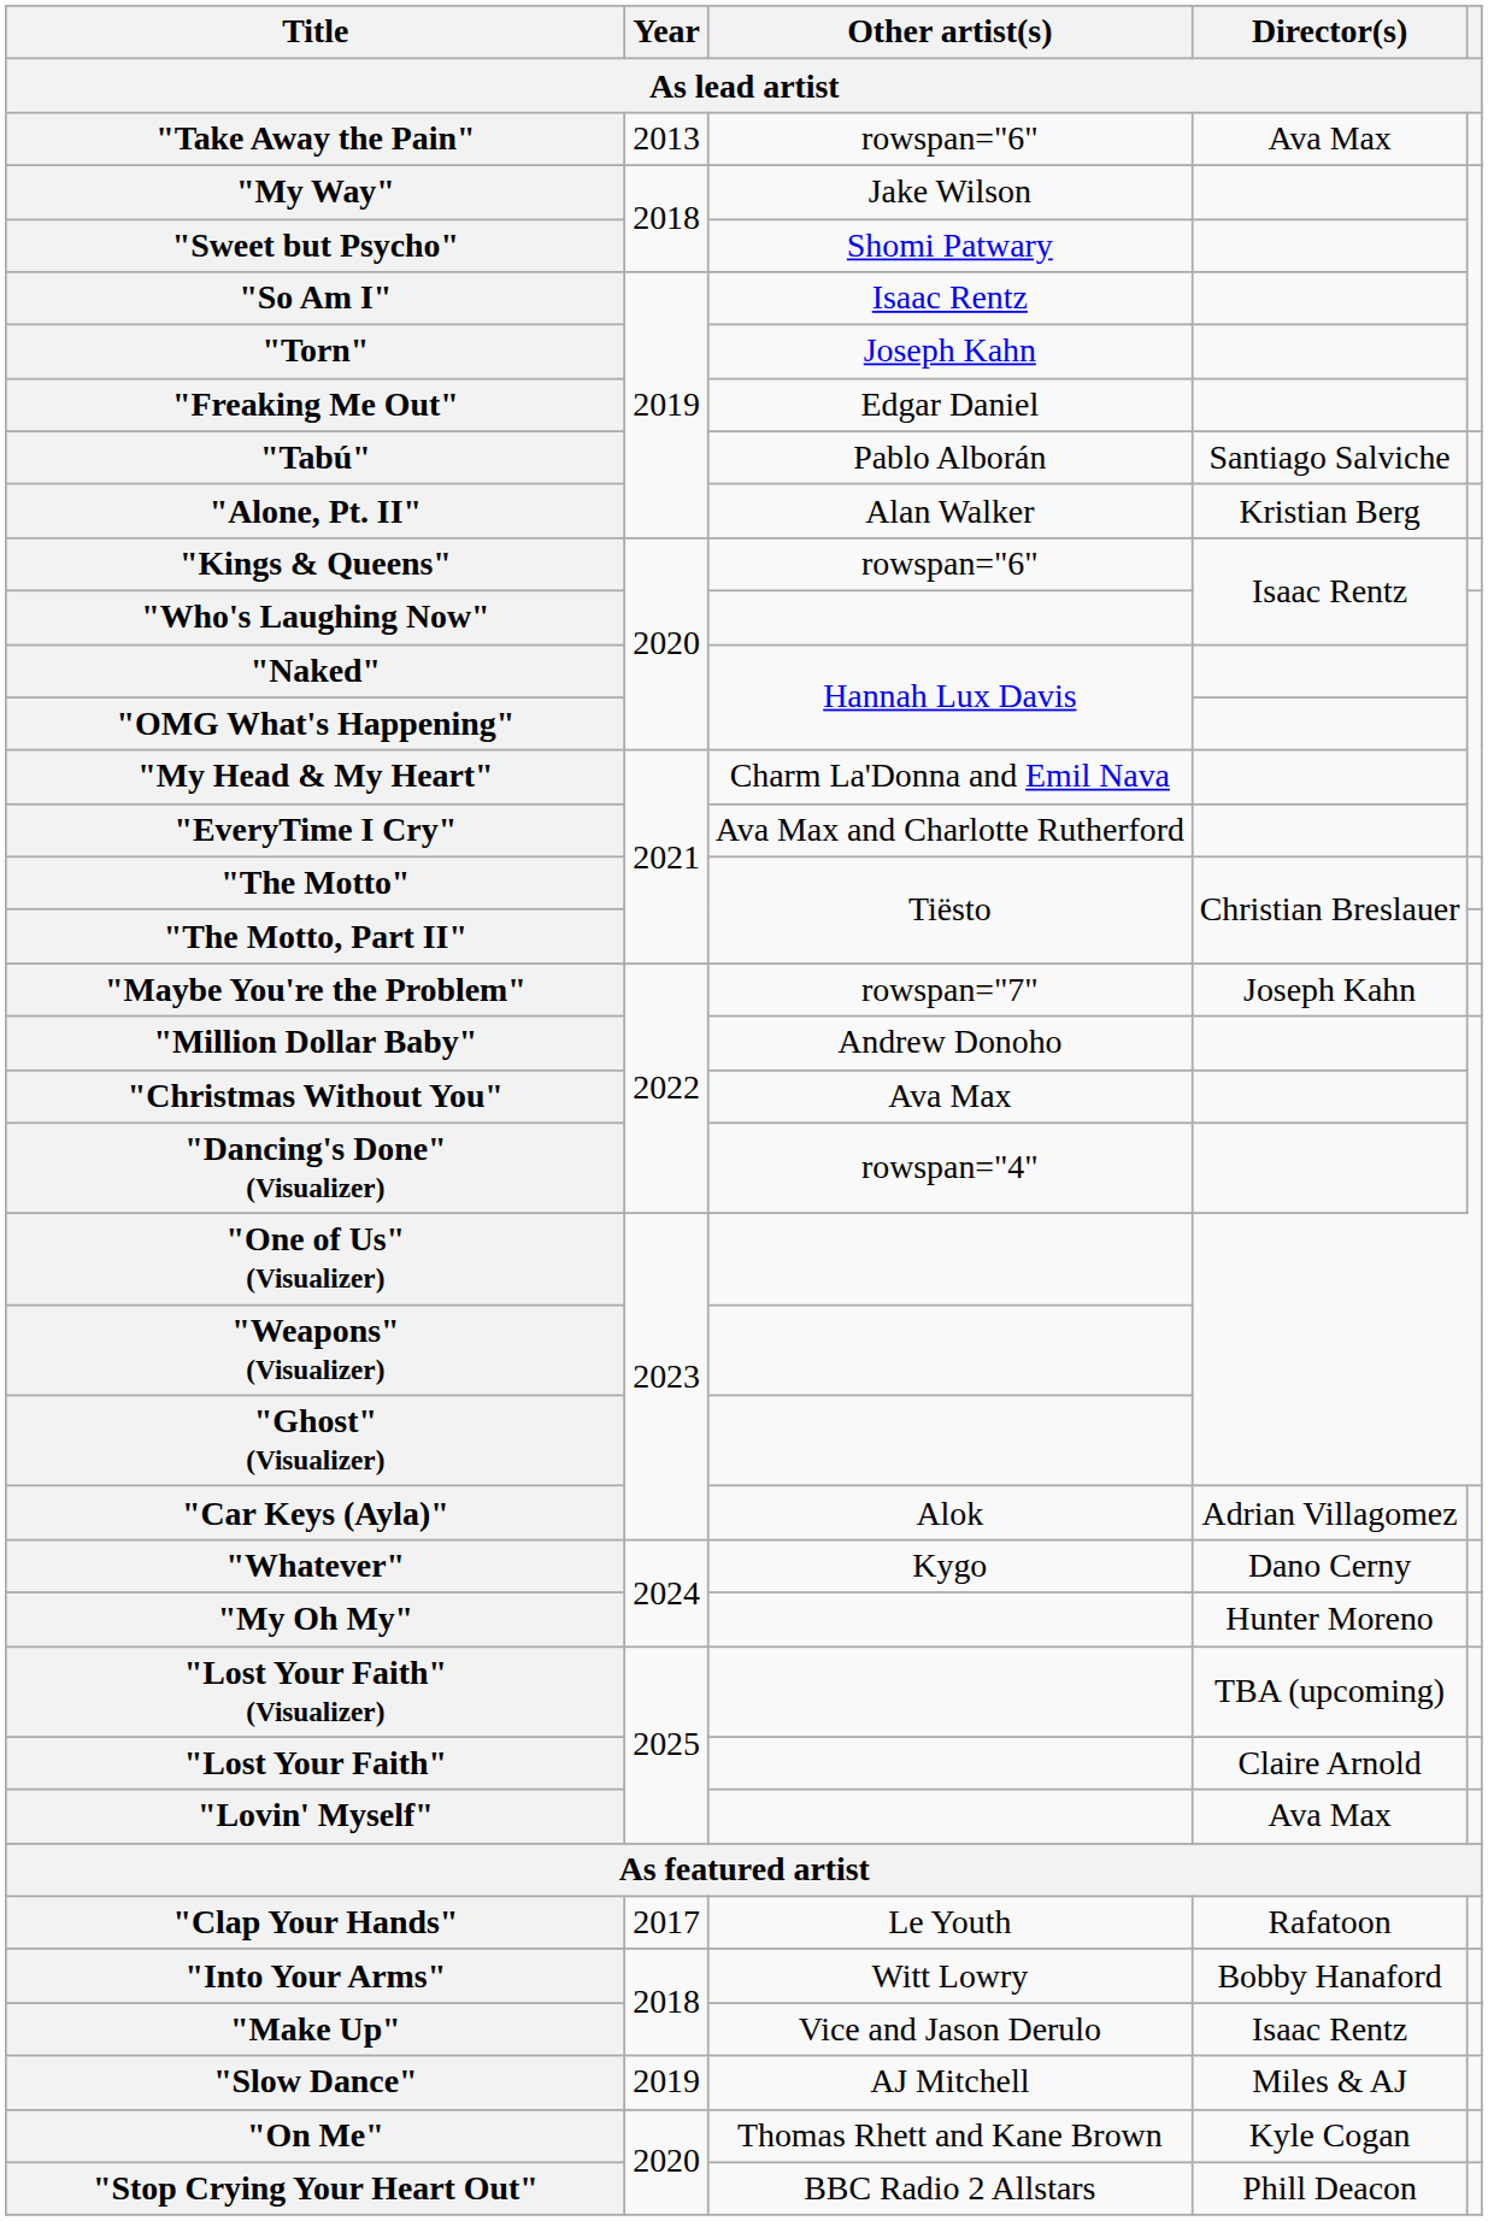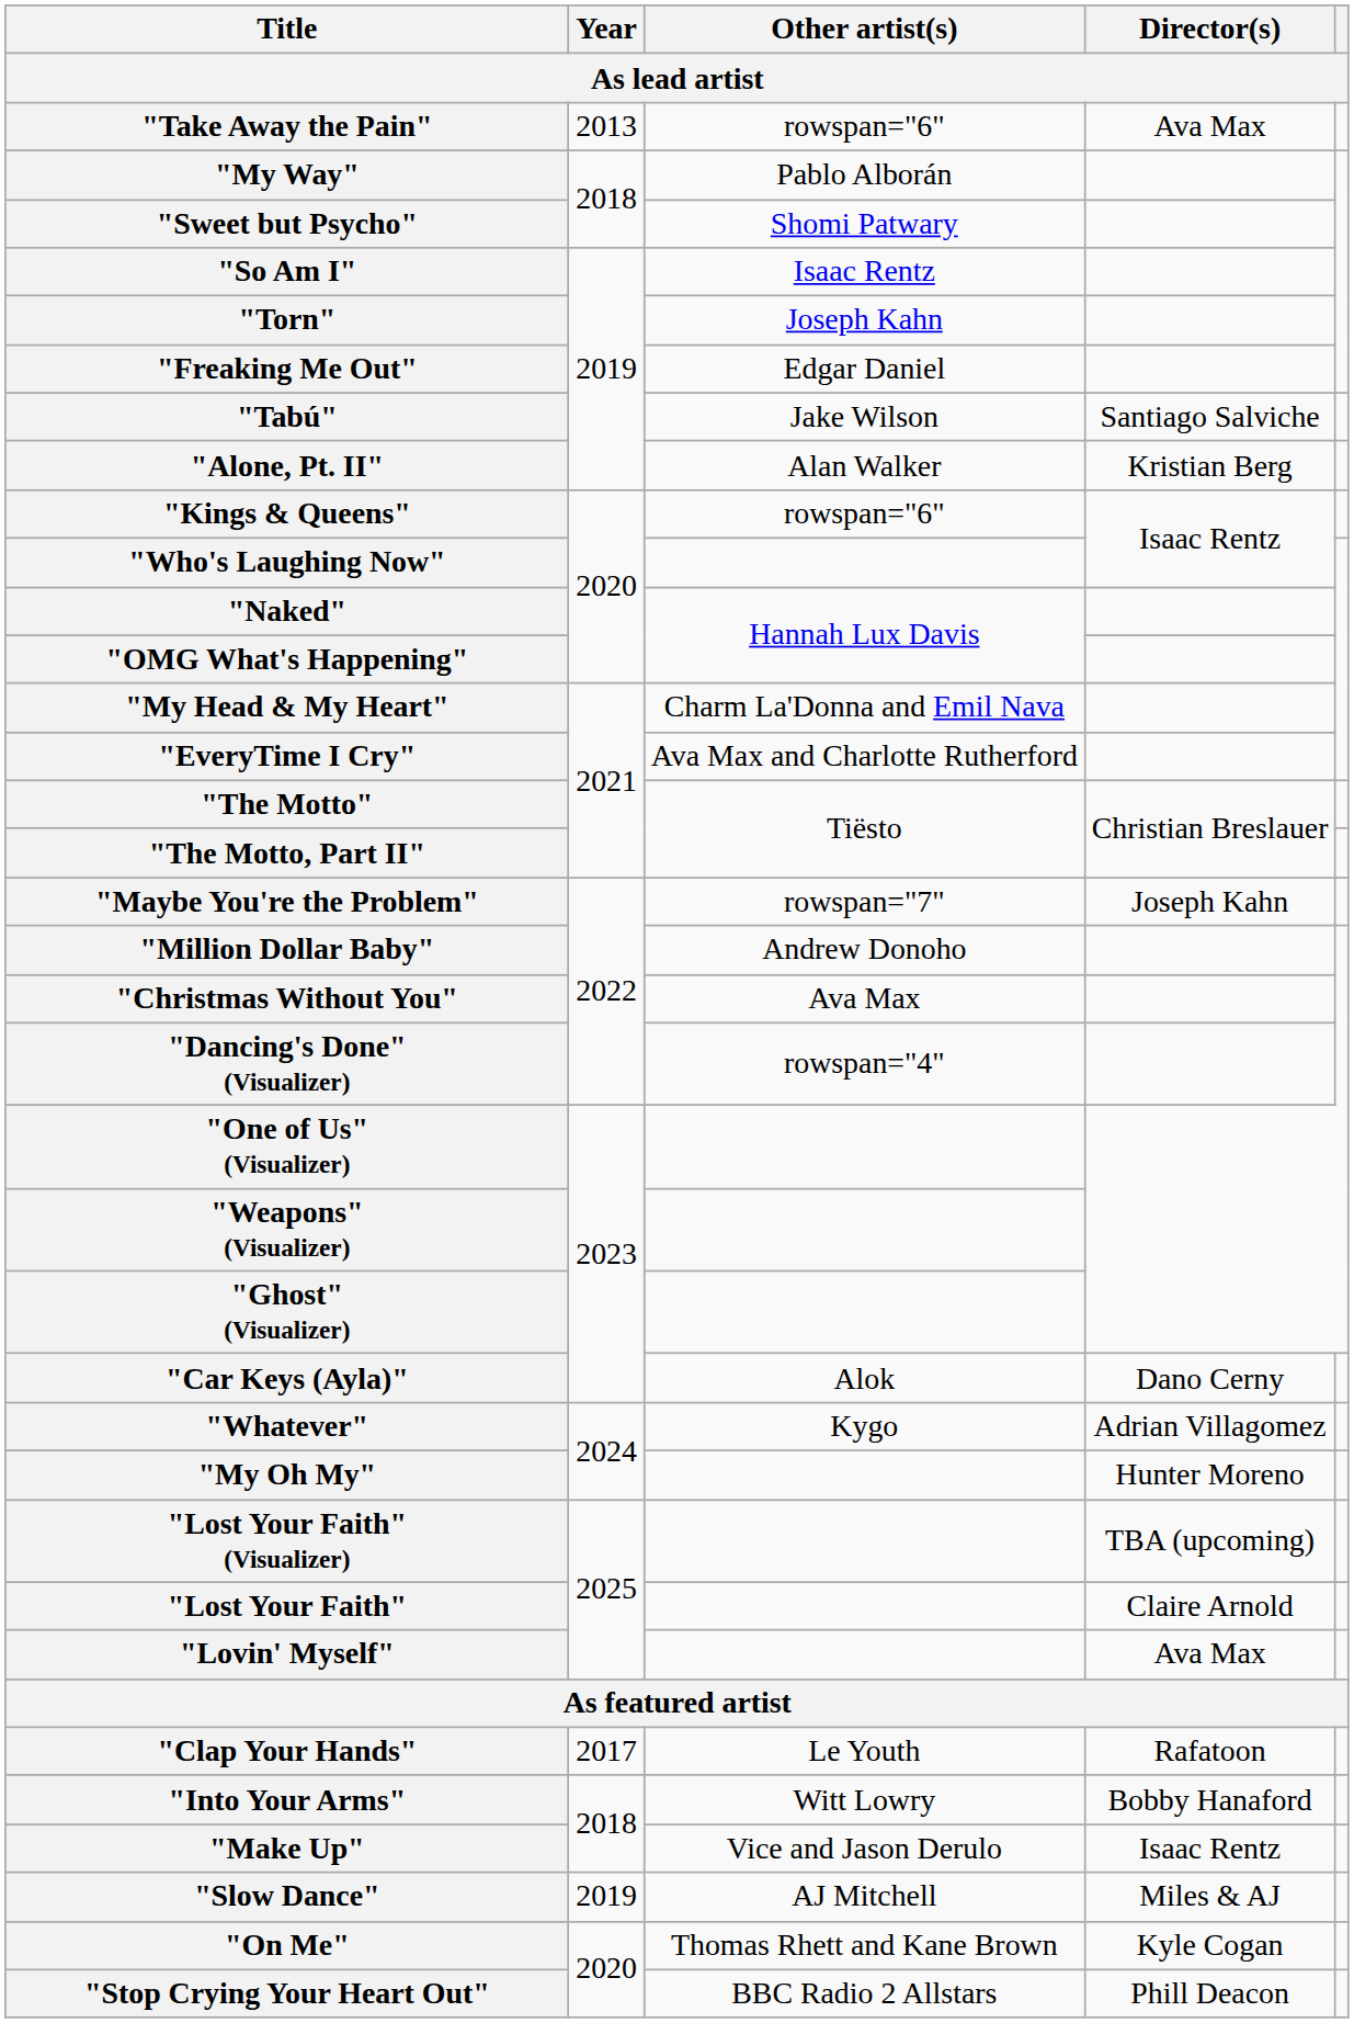 <table class="wikitable plainrowheaders" style="text-align:center;">
 <tr>
 <th scope="col" style="width:18em;">Title</th>
 <th scope="col" style="width:1em;">Year</th>
 <th scope="col">Other artist(s)</th>
 <th scope="col">Director(s)</th>
 <th scope="col"></th>
 </tr>
 <tr>
 <th scope="col" colspan="5">As lead artist</th>
 </tr>
 <tr>
 <th scope="row">"Take Away the Pain"</th>
 <td>2013</td>
 <td>rowspan="6" </td>
 <td>Ava Max</td>
 <td></td>
 </tr>
 <tr>
 <th scope="row">"My Way"</th>
 <td rowspan="2">2018</td>
-<td>Jake Wilson</td>
+<td>Pablo Alborán</td>
 <td></td>
 </tr>
 <tr>
 <th scope="row">"Sweet but Psycho"</th>
 <td><a href='#'>Shomi Patwary</a></td>
 <td></td>
 </tr>
 <tr>
 <th scope="row">"So Am I"</th>
 <td rowspan="5">2019</td>
 <td><a href='#'>Isaac Rentz</a></td>
 <td></td>
 </tr>
 <tr>
 <th scope="row">"Torn"</th>
 <td><a href='#'>Joseph Kahn</a></td>
 <td></td>
 </tr>
 <tr>
 <th scope="row">"Freaking Me Out"</th>
 <td>Edgar Daniel</td>
 <td></td>
 </tr>
 <tr>
 <th scope="row">"Tabú"</th>
-<td>Pablo Alborán</td>
+<td>Jake Wilson</td>
 <td>Santiago Salviche</td>
 <td></td>
 </tr>
 <tr>
 <th scope="row">"Alone, Pt. II"</th>
 <td>Alan Walker</td>
 <td>Kristian Berg</td>
 <td></td>
 </tr>
 <tr>
 <th scope="row">"Kings & Queens"</th>
 <td rowspan="4">2020</td>
 <td>rowspan="6" </td>
 <td rowspan="2">Isaac Rentz</td>
 <td></td>
 </tr>
 <tr>
 <th scope="row">"Who's Laughing Now"</th>
 <td></td>
 </tr>
 <tr>
 <th scope="row">"Naked"</th>
 <td rowspan="2"><a href='#'>Hannah Lux Davis</a></td>
 <td></td>
 </tr>
 <tr>
 <th scope="row">"OMG What's Happening"</th>
 <td></td>
 </tr>
 <tr>
 <th scope="row">"My Head & My Heart"</th>
 <td rowspan="4">2021</td>
 <td>Charm La'Donna and <a href='#'>Emil Nava</a></td>
 <td></td>
 </tr>
 <tr>
 <th scope="row">"EveryTime I Cry"</th>
 <td>Ava Max and Charlotte Rutherford</td>
 <td></td>
 </tr>
 <tr>
 <th scope="row">"The Motto"</th>
 <td rowspan="2">Tiësto</td>
 <td rowspan="2">Christian Breslauer</td>
 <td></td>
 </tr>
 <tr>
 <th scope="row">"The Motto, Part II"</th>
 <td></td>
 </tr>
 <tr>
 <th scope="row">"Maybe You're the Problem"</th>
 <td rowspan="4">2022</td>
 <td>rowspan="7" </td>
 <td>Joseph Kahn</td>
 <td></td>
 </tr>
 <tr>
 <th scope="row">"Million Dollar Baby"</th>
 <td>Andrew Donoho</td>
 <td></td>
 </tr>
 <tr>
 <th scope="row">"Christmas Without You"</th>
 <td>Ava Max</td>
 <td></td>
 </tr>
 <tr>
 <th scope="row">"Dancing's Done"<br><small>(Visualizer)</small></th>
 <td>rowspan="4" </td>
 <td></td>
 </tr>
 <tr>
 <th scope="row">"One of Us"<br><small>(Visualizer)</small></th>
 <td rowspan="4">2023</td>
 <td></td>
 </tr>
 <tr>
 <th scope="row">"Weapons"<br><small>(Visualizer)</small></th>
 <td></td>
 </tr>
 <tr>
 <th scope="row">"Ghost"<br><small>(Visualizer)</small></th>
 <td></td>
 </tr>
 <tr>
 <th scope="row">"Car Keys (Ayla)"</th>
 <td>Alok</td>
-<td>Adrian Villagomez</td>
+<td>Dano Cerny</td>
 <td></td>
 </tr>
 <tr>
 <th scope="row">"Whatever"</th>
 <td rowspan="2">2024</td>
 <td>Kygo</td>
-<td>Dano Cerny</td>
+<td>Adrian Villagomez</td>
 <td></td>
 </tr>
 <tr>
 <th scope="row">"My Oh My"</th>
 <td></td>
 <td>Hunter Moreno</td>
 <td></td>
 </tr>
 <tr>
 <th scope="row">"Lost Your Faith"<br><small>(Visualizer)</small></th>
 <td rowspan="3">2025</td>
 <td></td>
 <td>TBA (upcoming)</td>
 <td></td>
 </tr>
 <tr>
 <th scope="row">"Lost Your Faith"</th>
 <td></td>
 <td>Claire Arnold</td>
 <td></td>
 </tr>
 <tr>
 <th scope="row">"Lovin' Myself"</th>
 <td></td>
 <td>Ava Max</td>
 </tr>
 <tr>
 <th scope="col" colspan="5">As featured artist</th>
 </tr>
 <tr>
 <th scope="row">"Clap Your Hands"</th>
 <td>2017</td>
 <td>Le Youth</td>
 <td>Rafatoon</td>
 <td></td>
 </tr>
 <tr>
 <th scope="row">"Into Your Arms"</th>
 <td rowspan="2">2018</td>
 <td>Witt Lowry</td>
 <td>Bobby Hanaford</td>
 <td></td>
 </tr>
 <tr>
 <th scope="row">"Make Up"</th>
 <td>Vice and Jason Derulo</td>
 <td>Isaac Rentz</td>
 <td></td>
 </tr>
 <tr>
 <th scope="row">"Slow Dance"</th>
 <td>2019</td>
 <td>AJ Mitchell</td>
 <td>Miles & AJ</td>
 <td></td>
 </tr>
 <tr>
 <th scope="row">"On Me"</th>
 <td rowspan="2">2020</td>
 <td>Thomas Rhett and Kane Brown</td>
 <td>Kyle Cogan</td>
 <td></td>
 </tr>
 <tr>
 <th scope="row">"Stop Crying Your Heart Out"</th>
 <td>BBC Radio 2 Allstars</td>
 <td>Phill Deacon</td>
 <td></td>
 </tr>
 </table>
